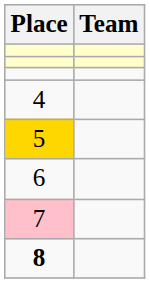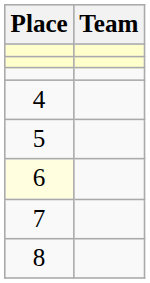 <table class="wikitable">
 <tr>
 <th>Place</th>
 <th>Team</th>
 </tr>
 <tr bgcolor=#ffffcc>
 <td align=center></td>
 <td></td>
 </tr>
 <tr bgcolor=#ffffcc>
 <td align=center></td>
 <td></td>
 </tr>
 <tr>
 <td align=center></td>
 <td></td>
 </tr>
 <tr>
 <td align=center>4</td>
 <td></td>
 </tr>
 <tr>
-<td align=center style="background: gold;">5</td>
+<td align=center>5</td>
 <td></td>
 </tr>
 <tr>
-<td align=center>6</td>
+<td align=center style="background: lightyellow;">6</td>
 <td></td>
 </tr>
 <tr>
-<td align=center style="background: pink;">7</td>
+<td align=center>7</td>
 <td></td>
 </tr>
 <tr>
-<td align=center><strong>8</strong></td>
+<td align=center>8</td>
 <td></td>
 </tr>
 </table>
